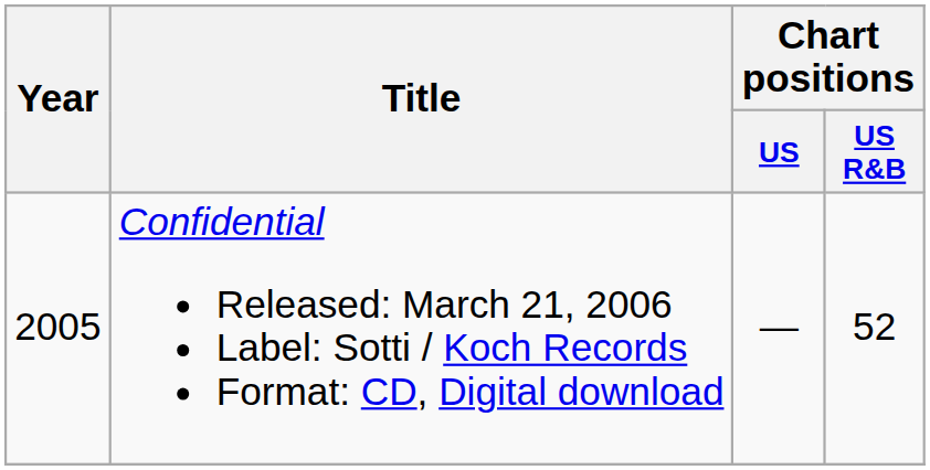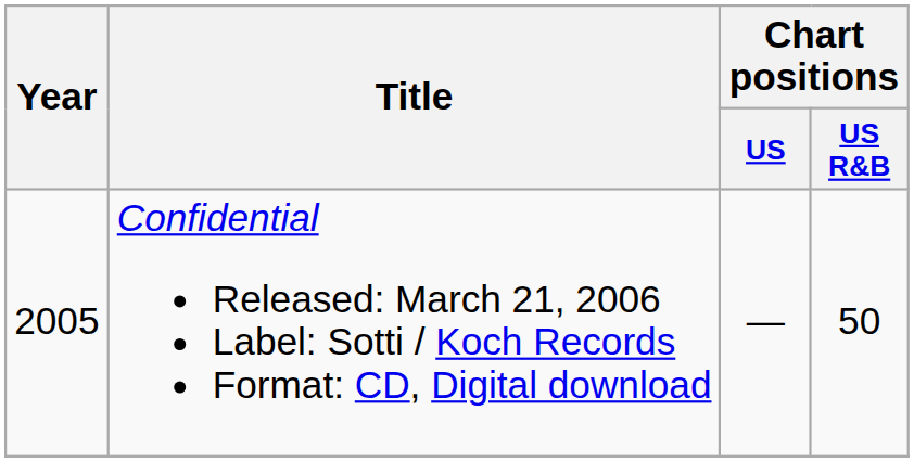 <table class="wikitable">
 <tr>
 <th rowspan="2">Year</th>
 <th rowspan="2">Title</th>
 <th colspan="2">Chart positions</th>
 </tr>
 <tr>
 <th style="width:2em;font-size:75%"><a href='#'>US</a></th>
 <th style="width:2em;font-size:75%"><a href='#'>US R&B</a></th>
 </tr>
 <tr>
 <td rowspan="1">2005</td>
 <td><em><a href='#'>Confidential</a></em><br><ul><li>Released: March 21, 2006</li><li>Label: Sotti / <a href='#'>Koch Records</a></li><li>Format: <a href='#'>CD</a>, <a href='#'>Digital download</a></li></ul></td>
 <td align="center">—</td>
-<td align="center">52</td>
+<td align="center">50</td>
 </tr>
 <tr>
 </tr>
 </table>
